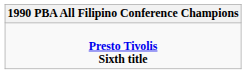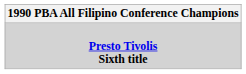 <table class=wikitable style="text-align:center; margin:auto">
 <tr>
 <th>1990 PBA All Filipino Conference Champions</th>
 </tr>
 <tr>
-<td><br> <strong><a href='#'>Presto Tivolis</a></strong> <br> <strong>Sixth title</strong></td>
+<td style="background: lightgrey;"><br> <strong><a href='#'>Presto Tivolis</a></strong> <br> <strong>Sixth title</strong></td>
 </tr>
 </table>
